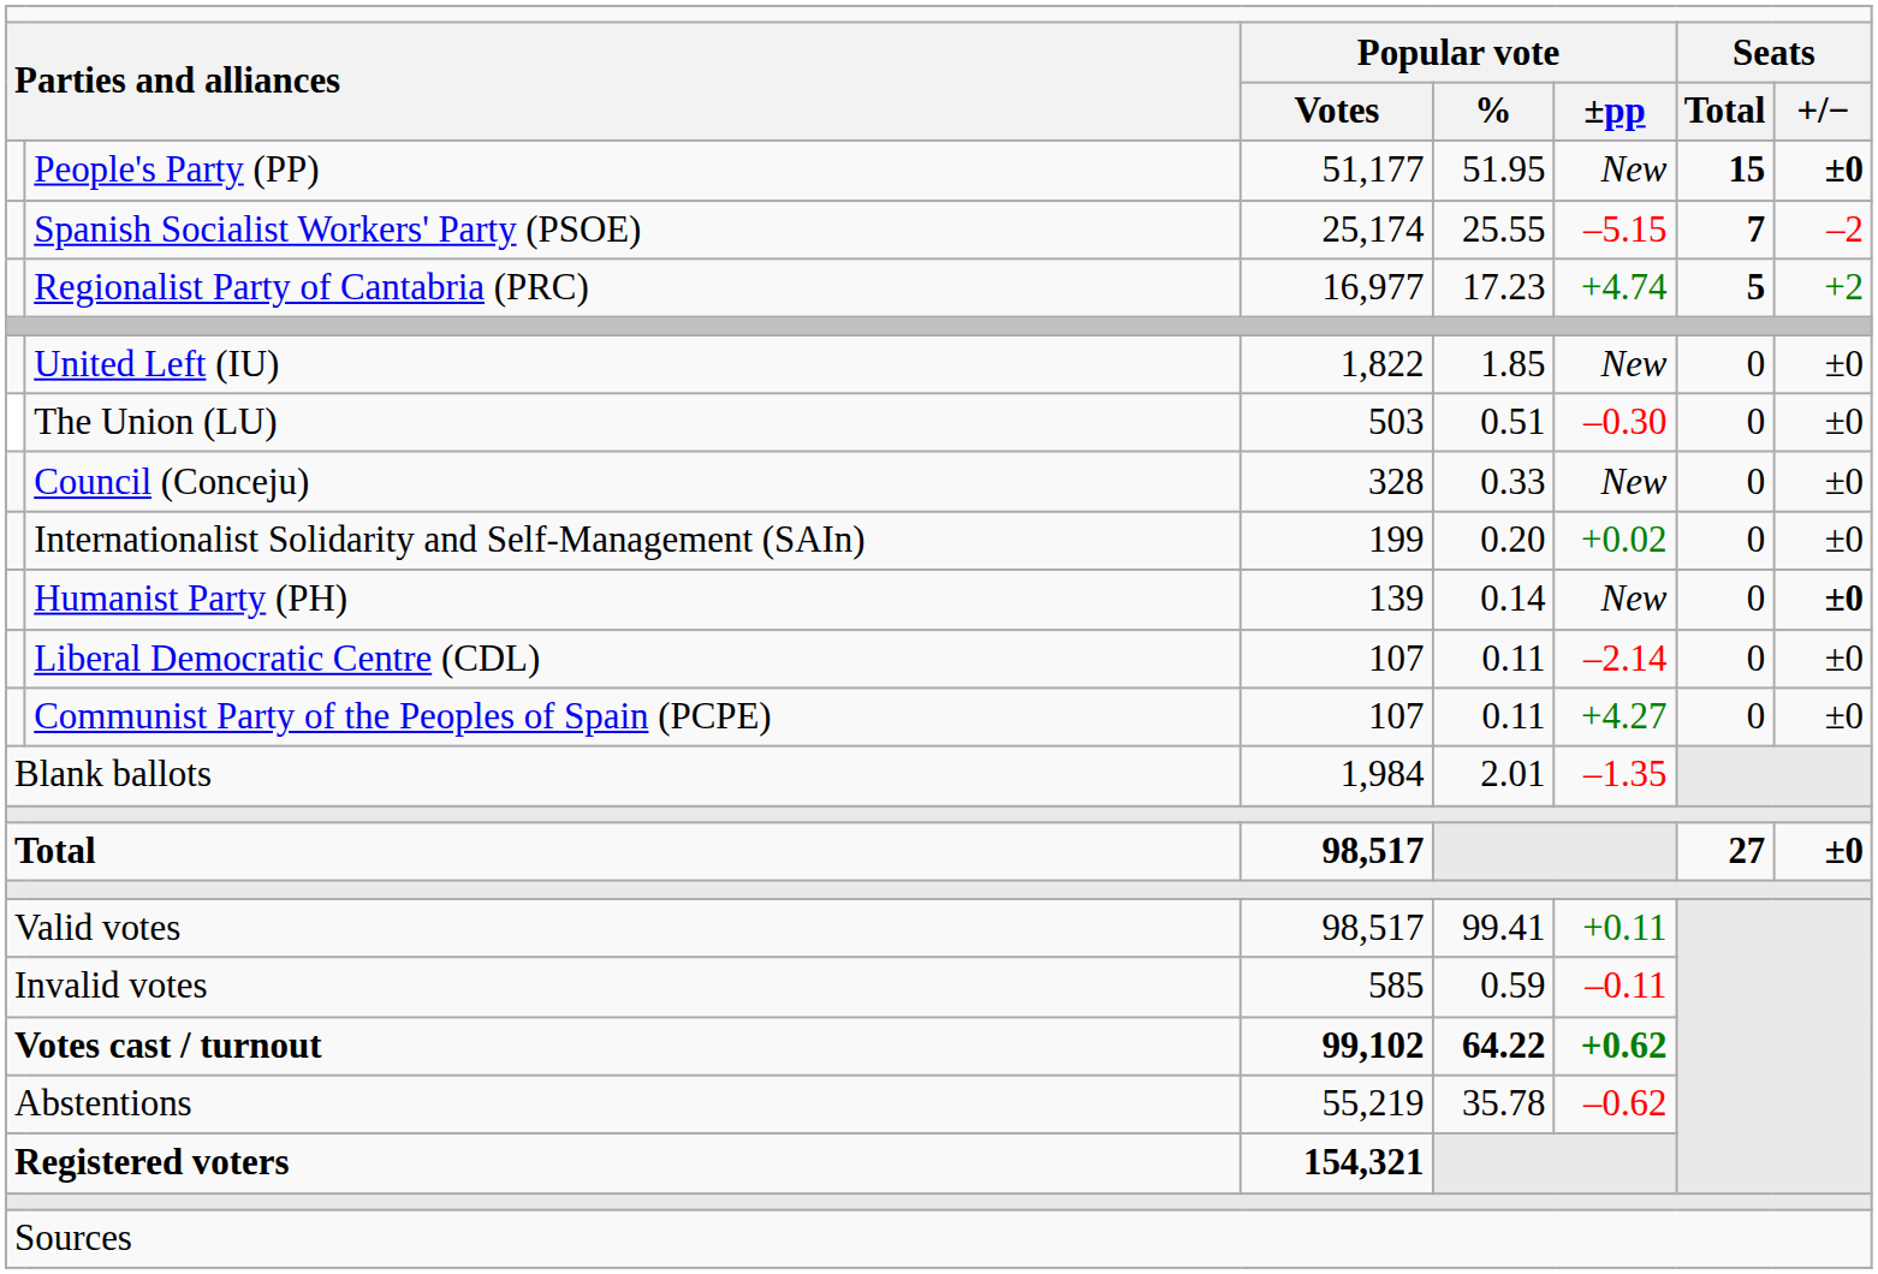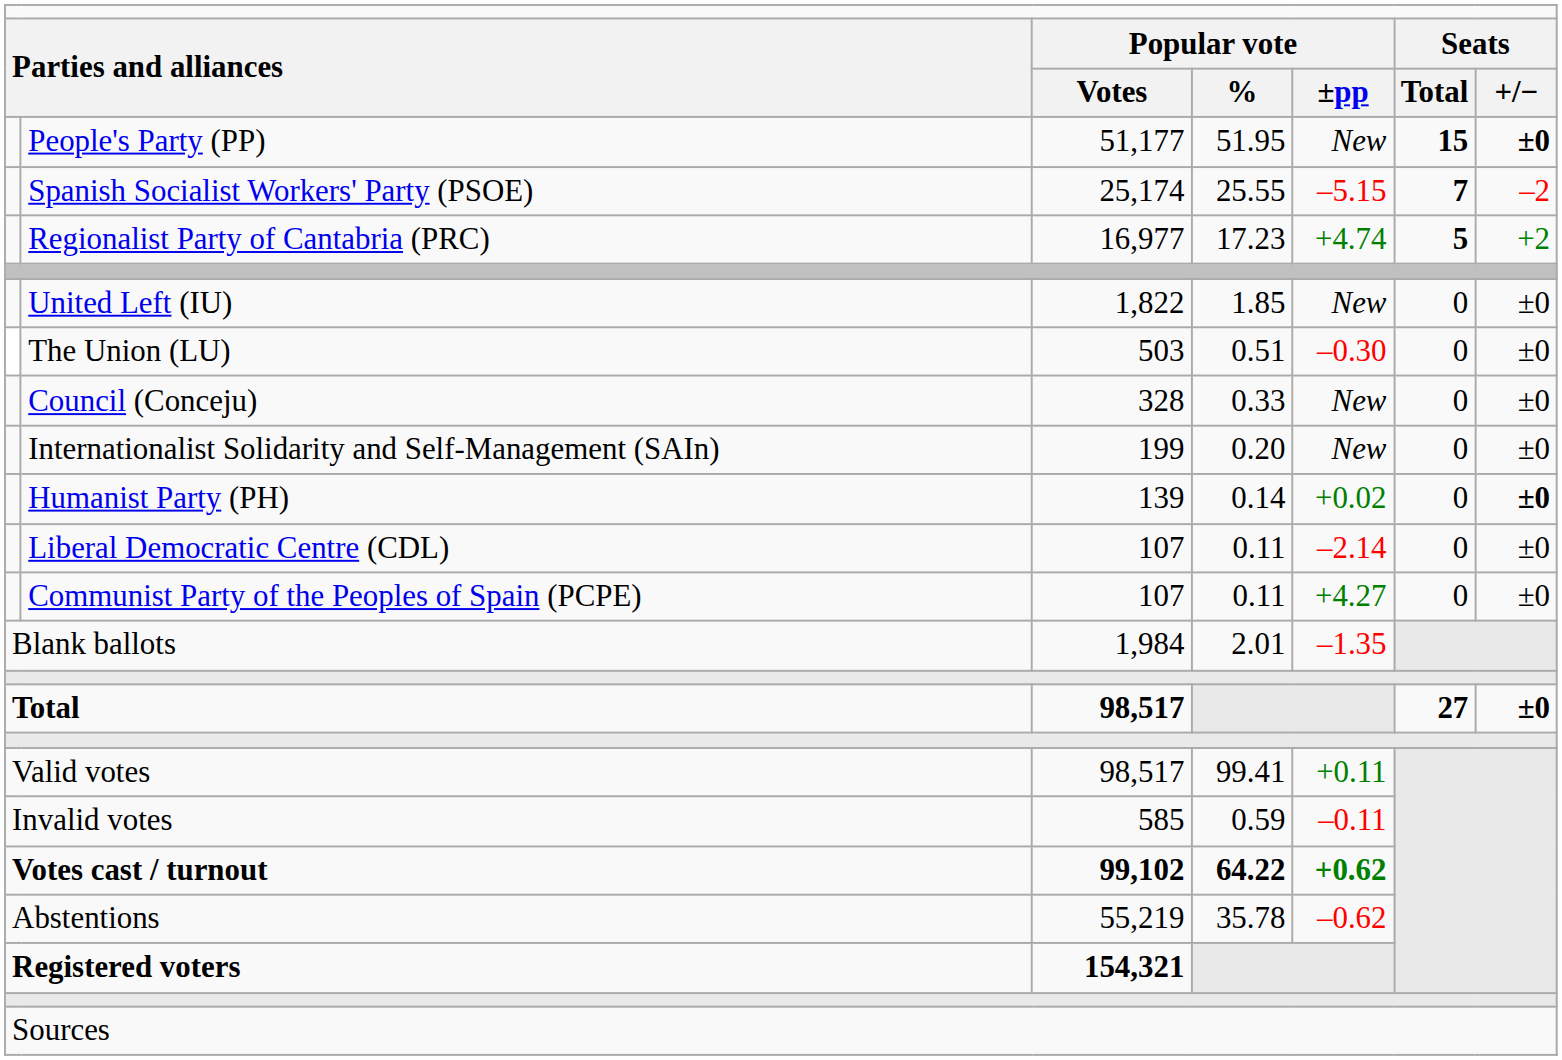 <table class="wikitable" style="text-align:right;">
 <tr>
 <td colspan="7"></td>
 </tr>
 <tr>
 <th style="text-align:left;" rowspan="2" colspan="2" width="525">Parties and alliances</th>
 <th colspan="3">Popular vote</th>
 <th colspan="2">Seats</th>
 </tr>
 <tr>
 <th width="75">Votes</th>
 <th width="45">%</th>
 <th width="45">±<a href='#'>pp</a></th>
 <th width="35">Total</th>
 <th width="35">+/−</th>
 </tr>
 <tr>
 <td width="1" style="color:inherit;background:"></td>
 <td align="left"><a href='#'>People's Party</a> (PP)</td>
 <td>51,177</td>
 <td>51.95</td>
 <td><em>New</em></td>
 <td><strong>15</strong></td>
 <td><strong>±0</strong></td>
 </tr>
 <tr>
 <td style="color:inherit;background:"></td>
 <td align="left"><a href='#'>Spanish Socialist Workers' Party</a> (PSOE)</td>
 <td>25,174</td>
 <td>25.55</td>
 <td style="color:red;">–5.15</td>
 <td><strong>7</strong></td>
 <td style="color:red;">–2</td>
 </tr>
 <tr>
 <td style="color:inherit;background:"></td>
 <td align="left"><a href='#'>Regionalist Party of Cantabria</a> (PRC)</td>
 <td>16,977</td>
 <td>17.23</td>
 <td style="color:green;">+4.74</td>
 <td><strong>5</strong></td>
 <td style="color:green;">+2</td>
 </tr>
 <tr>
 <td colspan="7" bgcolor="#C0C0C0"></td>
 </tr>
 <tr>
 <td style="color:inherit;background:"></td>
 <td align="left"><a href='#'>United Left</a> (IU)</td>
 <td>1,822</td>
 <td>1.85</td>
 <td><em>New</em></td>
 <td>0</td>
 <td>±0</td>
 </tr>
 <tr>
 <td bgcolor="white"></td>
 <td align="left">The Union (LU)</td>
 <td>503</td>
 <td>0.51</td>
 <td style="color:red;">–0.30</td>
 <td>0</td>
 <td>±0</td>
 </tr>
 <tr>
 <td style="color:inherit;background:"></td>
 <td align="left"><a href='#'>Council</a> (Conceju)</td>
 <td>328</td>
 <td>0.33</td>
 <td><em>New</em></td>
 <td>0</td>
 <td>±0</td>
 </tr>
 <tr>
 <td style="color:inherit;background:"></td>
 <td align="left">Internationalist Solidarity and Self-Management (SAIn)</td>
 <td>199</td>
 <td>0.20</td>
-<td style="color:green;">+0.02</td>
+<td><em>New</em></td>
 <td>0</td>
 <td>±0</td>
 </tr>
 <tr>
 <td style="color:inherit;background:"></td>
 <td align="left"><a href='#'>Humanist Party</a> (PH)</td>
 <td>139</td>
 <td>0.14</td>
-<td><em>New</em></td>
+<td style="color:green;">+0.02</td>
 <td>0</td>
 <td><strong>±0</strong></td>
 </tr>
 <tr>
 <td style="color:inherit;background:"></td>
 <td align="left"><a href='#'>Liberal Democratic Centre</a> (CDL)</td>
 <td>107</td>
 <td>0.11</td>
 <td style="color:red;">–2.14</td>
 <td>0</td>
 <td>±0</td>
 </tr>
 <tr>
 <td style="color:inherit;background:"></td>
 <td align="left"><a href='#'>Communist Party of the Peoples of Spain</a> (PCPE)</td>
 <td>107</td>
 <td>0.11</td>
 <td style="color:green;">+4.27</td>
 <td>0</td>
 <td>±0</td>
 </tr>
 <tr>
 <td align="left" colspan="2">Blank ballots</td>
 <td>1,984</td>
 <td>2.01</td>
 <td style="color:red;">–1.35</td>
 <td bgcolor="#E9E9E9" colspan="2"></td>
 </tr>
 <tr>
 <td colspan="7" bgcolor="#E9E9E9"></td>
 </tr>
 <tr style="font-weight:bold;">
 <td align="left" colspan="2">Total</td>
 <td>98,517</td>
 <td bgcolor="#E9E9E9" colspan="2"></td>
 <td>27</td>
 <td>±0</td>
 </tr>
 <tr>
 <td colspan="7" bgcolor="#E9E9E9"></td>
 </tr>
 <tr>
 <td align="left" colspan="2">Valid votes</td>
 <td>98,517</td>
 <td>99.41</td>
 <td style="color:green;">+0.11</td>
 <td bgcolor="#E9E9E9" colspan="2" rowspan="5"></td>
 </tr>
 <tr>
 <td align="left" colspan="2">Invalid votes</td>
 <td>585</td>
 <td>0.59</td>
 <td style="color:red;">–0.11</td>
 </tr>
 <tr style="font-weight:bold;">
 <td align="left" colspan="2">Votes cast / turnout</td>
 <td>99,102</td>
 <td>64.22</td>
 <td style="color:green;">+0.62</td>
 </tr>
 <tr>
 <td align="left" colspan="2">Abstentions</td>
 <td>55,219</td>
 <td>35.78</td>
 <td style="color:red;">–0.62</td>
 </tr>
 <tr style="font-weight:bold;">
 <td align="left" colspan="2">Registered voters</td>
 <td>154,321</td>
 <td bgcolor="#E9E9E9" colspan="2"></td>
 </tr>
 <tr>
 <td colspan="7" bgcolor="#E9E9E9"></td>
 </tr>
 <tr>
 <td align="left" colspan="7">Sources</td>
 </tr>
 </table>
